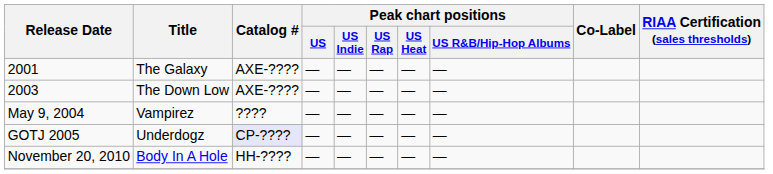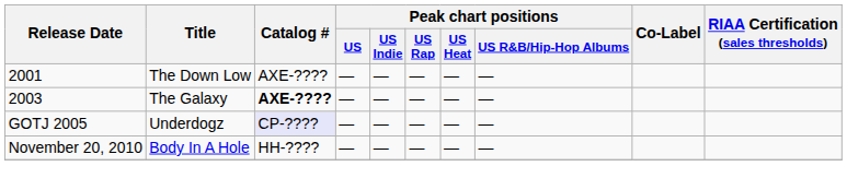 <table class="wikitable">
 <tr>
 <th rowspan="2">Release Date</th>
 <th rowspan="2">Title</th>
 <th rowspan="2">Catalog #</th>
 <th colspan="5">Peak chart positions</th>
 <th rowspan="2">Co-Label</th>
 <th rowspan="2"><a href='#'>RIAA</a> Certification<br><small>(<a href='#'>sales thresholds</a>)</small></th>
 </tr>
 <tr style="font-size:smaller;">
 <th style="width:30px;"><a href='#'>US</a></th>
 <th style="width:30px;"><a href='#'>US Indie</a></th>
 <th style="width:30px;"><a href='#'>US Rap</a></th>
 <th style="width:30px;"><a href='#'>US Heat</a></th>
 <th style="sidth:30px;"><a href='#'>US R&B/Hip-Hop Albums</a></th>
 </tr>
 <tr>
 <td>2001</td>
-<td>The Galaxy</td>
+<td>The Down Low</td>
 <td>AXE-????</td>
 <td>—</td>
 <td>—</td>
 <td>—</td>
 <td>—</td>
 <td>—</td>
 <td></td>
 <td></td>
 </tr>
 <tr>
 <td>2003</td>
-<td>The Down Low</td>
-<td>AXE-????</td>
-<td>—</td>
-<td>—</td>
-<td>—</td>
-<td>—</td>
-<td>—</td>
-<td></td>
-<td></td>
-</tr>
-<tr>
-<td>May 9, 2004</td>
-<td>Vampirez</td>
-<td>????</td>
+<td>The Galaxy</td>
+<td><strong>AXE-????</strong></td>
 <td>—</td>
 <td>—</td>
 <td>—</td>
 <td>—</td>
 <td>—</td>
 <td></td>
 <td></td>
 </tr>
 <tr>
 <td>GOTJ 2005</td>
 <td>Underdogz</td>
 <td style="background: lavender;">CP-????</td>
 <td>—</td>
 <td>—</td>
 <td>—</td>
 <td>—</td>
 <td>—</td>
 <td></td>
 <td></td>
 </tr>
 <tr>
 <td>November 20, 2010</td>
 <td><a href='#'>Body In A Hole</a></td>
 <td>HH-????</td>
 <td>—</td>
 <td>—</td>
 <td>—</td>
 <td>—</td>
 <td>—</td>
 <td></td>
 <td></td>
 </tr>
 <tr>
 </tr>
 </table>
